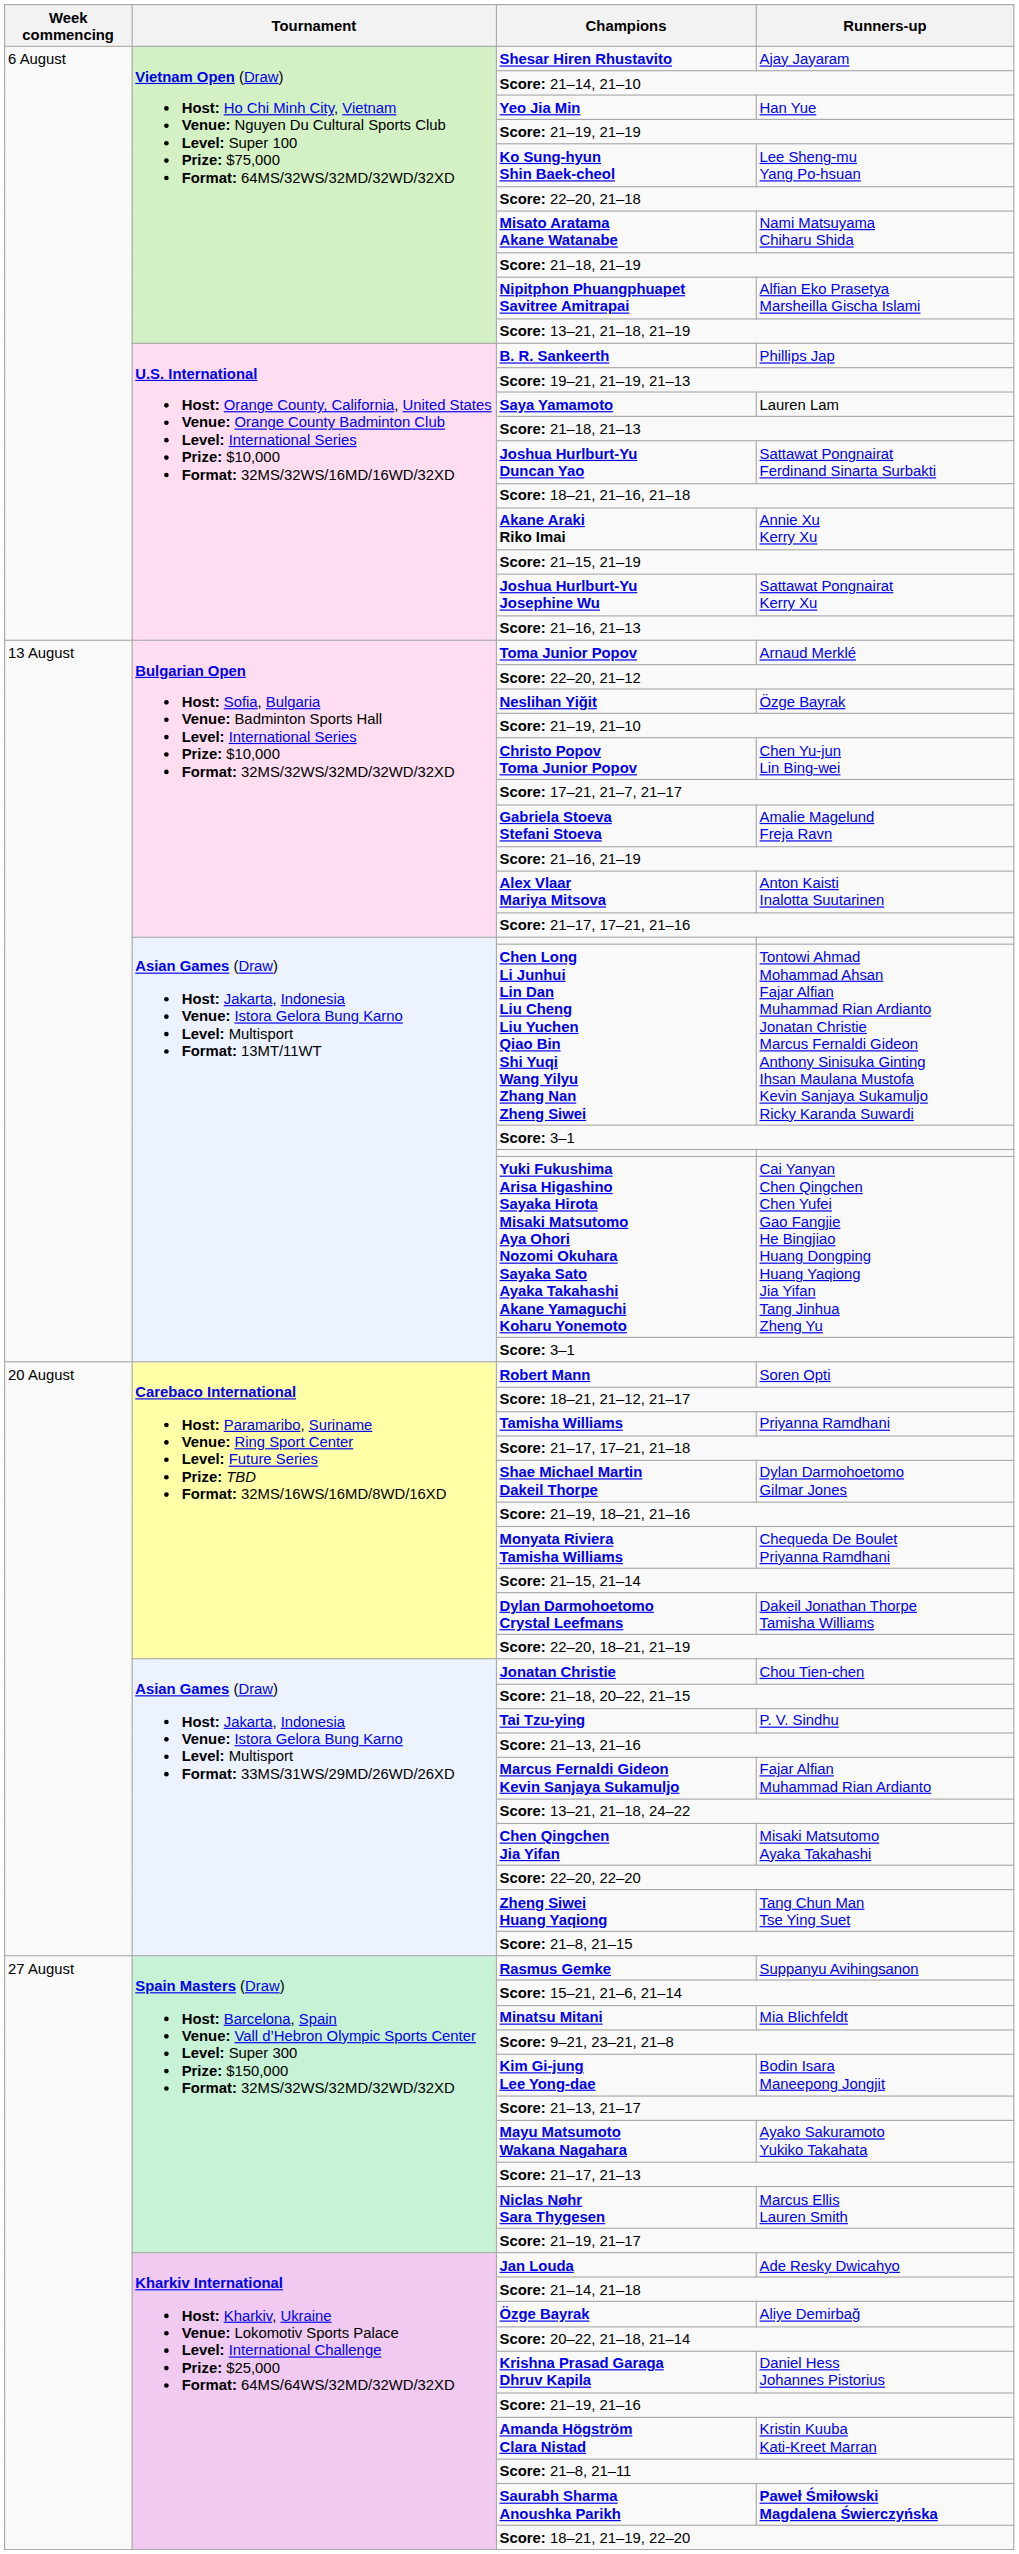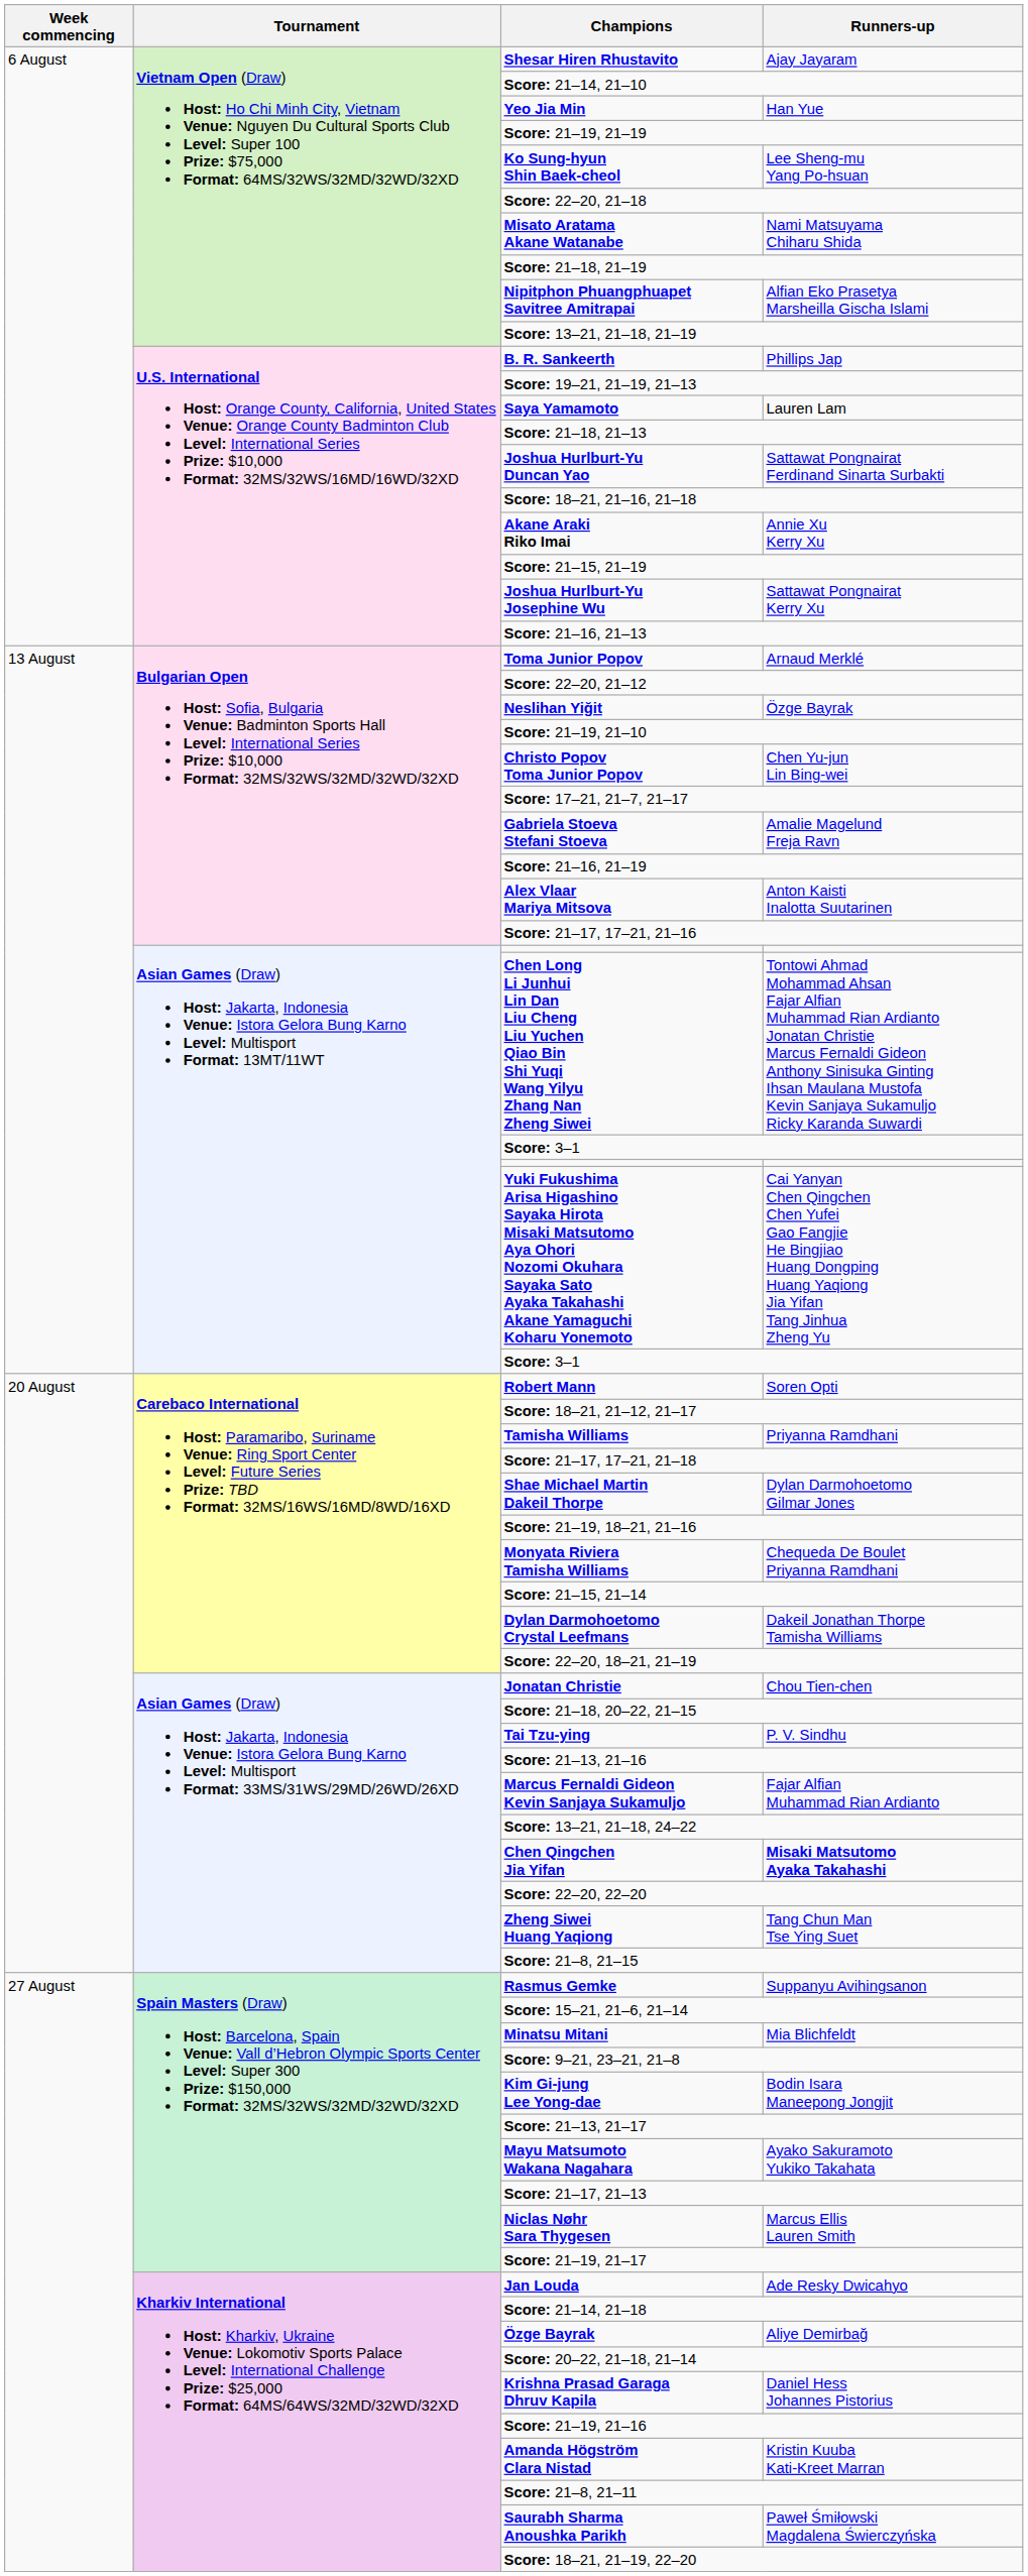 <table class=wikitable style=font-size:80%>
 <tr>
 <th width=110>Week commencing</th>
 <th width=330>Tournament</th>
 <th width=250>Champions</th>
 <th width=250>Runners-up</th>
 </tr>
 <tr valign=top>
 <td rowspan=20>6 August</td>
 <td style="background:#D4F1C5;" rowspan="10"><br><strong><a href='#'>Vietnam Open</a></strong> (<a href='#'>Draw</a>)<ul><li><strong>Host:</strong> <a href='#'>Ho Chi Minh City</a>, <a href='#'>Vietnam</a></li><li><strong>Venue:</strong> Nguyen Du Cultural Sports Club</li><li><strong>Level:</strong> Super 100</li><li><strong>Prize:</strong> $75,000</li><li><strong>Format:</strong> 64MS/32WS/32MD/32WD/32XD</li></ul></td>
 <td><strong> <a href='#'>Shesar Hiren Rhustavito</a></strong></td>
 <td> <a href='#'>Ajay Jayaram</a></td>
 </tr>
 <tr>
 <td colspan=2><strong>Score:</strong> 21–14, 21–10</td>
 </tr>
 <tr valign=top>
 <td><strong> <a href='#'>Yeo Jia Min</a></strong></td>
 <td> <a href='#'>Han Yue</a></td>
 </tr>
 <tr>
 <td colspan=2><strong>Score:</strong> 21–19, 21–19</td>
 </tr>
 <tr valign=top>
 <td><strong> <a href='#'>Ko Sung-hyun</a><br> <a href='#'>Shin Baek-cheol</a></strong></td>
 <td> <a href='#'>Lee Sheng-mu</a><br> <a href='#'>Yang Po-hsuan</a></td>
 </tr>
 <tr>
 <td colspan=2><strong>Score:</strong> 22–20, 21–18</td>
 </tr>
 <tr valign=top>
 <td><strong> <a href='#'>Misato Aratama</a><br> <a href='#'>Akane Watanabe</a></strong></td>
 <td> <a href='#'>Nami Matsuyama</a><br> <a href='#'>Chiharu Shida</a></td>
 </tr>
 <tr>
 <td colspan=2><strong>Score:</strong> 21–18, 21–19</td>
 </tr>
 <tr valign=top>
 <td><strong> <a href='#'>Nipitphon Phuangphuapet</a><br> <a href='#'>Savitree Amitrapai</a></strong></td>
 <td> <a href='#'>Alfian Eko Prasetya</a><br> <a href='#'>Marsheilla Gischa Islami</a></td>
 </tr>
 <tr>
 <td colspan=2><strong>Score:</strong> 13–21, 21–18, 21–19</td>
 </tr>
 <tr valign=top>
 <td style="background:#FFDDF1;" rowspan="10"><br><strong><a href='#'>U.S. International</a></strong><ul><li><strong>Host:</strong> <a href='#'>Orange County, California</a>, <a href='#'>United States</a></li><li><strong>Venue:</strong> <a href='#'>Orange County Badminton Club</a></li><li><strong>Level:</strong> <a href='#'>International Series</a></li><li><strong>Prize:</strong> $10,000</li><li><strong>Format:</strong> 32MS/32WS/16MD/16WD/32XD</li></ul></td>
 <td><strong> <a href='#'>B. R. Sankeerth</a></strong></td>
 <td> <a href='#'>Phillips Jap</a></td>
 </tr>
 <tr>
 <td colspan=2><strong>Score:</strong> 19–21, 21–19, 21–13</td>
 </tr>
 <tr valign=top>
 <td><strong> <a href='#'>Saya Yamamoto</a></strong></td>
 <td> Lauren Lam</td>
 </tr>
 <tr>
 <td colspan=2><strong>Score:</strong> 21–18, 21–13</td>
 </tr>
 <tr valign=top>
 <td><strong> <a href='#'>Joshua Hurlburt-Yu</a><br> <a href='#'>Duncan Yao</a></strong></td>
 <td> <a href='#'>Sattawat Pongnairat</a><br> <a href='#'>Ferdinand Sinarta Surbakti</a></td>
 </tr>
 <tr>
 <td colspan=2><strong>Score:</strong> 18–21, 21–16, 21–18</td>
 </tr>
 <tr valign=top>
 <td><strong> <a href='#'>Akane Araki</a><br> Riko Imai</strong></td>
 <td> <a href='#'>Annie Xu</a><br> <a href='#'>Kerry Xu</a></td>
 </tr>
 <tr>
 <td colspan=2><strong>Score:</strong> 21–15, 21–19</td>
 </tr>
 <tr valign=top>
 <td><strong> <a href='#'>Joshua Hurlburt-Yu</a><br> <a href='#'>Josephine Wu</a></strong></td>
 <td> <a href='#'>Sattawat Pongnairat</a><br> <a href='#'>Kerry Xu</a></td>
 </tr>
 <tr>
 <td colspan=2><strong>Score:</strong> 21–16, 21–13</td>
 </tr>
 <tr valign=top>
 <td rowspan=16>13 August</td>
 <td style="background:#FFDDF1;" rowspan="10"><br><strong><a href='#'>Bulgarian Open</a></strong><ul><li><strong>Host:</strong> <a href='#'>Sofia</a>, <a href='#'>Bulgaria</a></li><li><strong>Venue:</strong> Badminton Sports Hall</li><li><strong>Level:</strong> <a href='#'>International Series</a></li><li><strong>Prize:</strong> $10,000</li><li><strong>Format:</strong> 32MS/32WS/32MD/32WD/32XD</li></ul></td>
 <td><strong> <a href='#'>Toma Junior Popov</a></strong></td>
 <td> <a href='#'>Arnaud Merklé</a></td>
 </tr>
 <tr>
 <td colspan=2><strong>Score:</strong> 22–20, 21–12</td>
 </tr>
 <tr valign=top>
 <td><strong> <a href='#'>Neslihan Yiğit</a></strong></td>
 <td> <a href='#'>Özge Bayrak</a></td>
 </tr>
 <tr>
 <td colspan=2><strong>Score:</strong> 21–19, 21–10</td>
 </tr>
 <tr valign=top>
 <td><strong> <a href='#'>Christo Popov</a><br> <a href='#'>Toma Junior Popov</a></strong></td>
 <td> <a href='#'>Chen Yu-jun</a><br> <a href='#'>Lin Bing-wei</a></td>
 </tr>
 <tr>
 <td colspan=2><strong>Score:</strong> 17–21, 21–7, 21–17</td>
 </tr>
 <tr valign=top>
 <td><strong> <a href='#'>Gabriela Stoeva</a><br> <a href='#'>Stefani Stoeva</a></strong></td>
 <td> <a href='#'>Amalie Magelund</a><br> <a href='#'>Freja Ravn</a></td>
 </tr>
 <tr>
 <td colspan=2><strong>Score:</strong> 21–16, 21–19</td>
 </tr>
 <tr valign=top>
 <td><strong> <a href='#'>Alex Vlaar</a><br> <a href='#'>Mariya Mitsova</a></strong></td>
 <td> <a href='#'>Anton Kaisti</a><br> <a href='#'>Inalotta Suutarinen</a></td>
 </tr>
 <tr>
 <td colspan=2><strong>Score:</strong> 21–17, 17–21, 21–16</td>
 </tr>
 <tr valign=top>
 <td style="background:#ECF2FF;" rowspan="6"><br><strong><a href='#'>Asian Games</a></strong> (<a href='#'>Draw</a>)<ul><li><strong>Host:</strong> <a href='#'>Jakarta</a>, <a href='#'>Indonesia</a></li><li><strong>Venue:</strong> <a href='#'>Istora Gelora Bung Karno</a></li><li><strong>Level:</strong> Multisport</li><li><strong>Format:</strong> 13MT/11WT</li></ul></td>
 <td><strong></strong></td>
 <td></td>
 </tr>
 <tr>
 <td><strong><a href='#'>Chen Long</a><br><a href='#'>Li Junhui</a><br><a href='#'>Lin Dan</a><br><a href='#'>Liu Cheng</a><br><a href='#'>Liu Yuchen</a><br><a href='#'>Qiao Bin</a><br><a href='#'>Shi Yuqi</a><br><a href='#'>Wang Yilyu</a><br><a href='#'>Zhang Nan</a><br><a href='#'>Zheng Siwei</a></strong></td>
 <td><a href='#'>Tontowi Ahmad</a><br><a href='#'>Mohammad Ahsan</a><br><a href='#'>Fajar Alfian</a><br><a href='#'>Muhammad Rian Ardianto</a><br><a href='#'>Jonatan Christie</a><br><a href='#'>Marcus Fernaldi Gideon</a><br><a href='#'>Anthony Sinisuka Ginting</a><br><a href='#'>Ihsan Maulana Mustofa</a><br><a href='#'>Kevin Sanjaya Sukamuljo</a><br><a href='#'>Ricky Karanda Suwardi</a></td>
 </tr>
 <tr>
 <td colspan=2><strong>Score:</strong> 3–1</td>
 </tr>
 <tr>
 <td><strong></strong></td>
 <td></td>
 </tr>
 <tr>
 <td><strong><a href='#'>Yuki Fukushima</a><br><a href='#'>Arisa Higashino</a><br><a href='#'>Sayaka Hirota</a><br><a href='#'>Misaki Matsutomo</a><br><a href='#'>Aya Ohori</a><br><a href='#'>Nozomi Okuhara</a><br><a href='#'>Sayaka Sato</a><br><a href='#'>Ayaka Takahashi</a><br><a href='#'>Akane Yamaguchi</a><br><a href='#'>Koharu Yonemoto</a></strong></td>
 <td><a href='#'>Cai Yanyan</a><br><a href='#'>Chen Qingchen</a><br><a href='#'>Chen Yufei</a><br><a href='#'>Gao Fangjie</a><br><a href='#'>He Bingjiao</a><br><a href='#'>Huang Dongping</a><br><a href='#'>Huang Yaqiong</a><br><a href='#'>Jia Yifan</a><br><a href='#'>Tang Jinhua</a><br><a href='#'>Zheng Yu</a></td>
 </tr>
 <tr>
 <td colspan=2><strong>Score:</strong> 3–1</td>
 </tr>
 <tr valign=top>
 <td rowspan=20>20 August</td>
 <td style="background:#FFFFA8;" rowspan="10"><br><strong><a href='#'>Carebaco International</a></strong><ul><li><strong>Host:</strong> <a href='#'>Paramaribo</a>, <a href='#'>Suriname</a></li><li><strong>Venue:</strong> <a href='#'>Ring Sport Center</a></li><li><strong>Level:</strong> <a href='#'>Future Series</a></li><li><strong>Prize:</strong> <em>TBD</em></li><li><strong>Format:</strong> 32MS/16WS/16MD/8WD/16XD</li></ul></td>
 <td><strong> <a href='#'>Robert Mann</a></strong></td>
 <td> <a href='#'>Soren Opti</a></td>
 </tr>
 <tr>
 <td colspan=2><strong>Score:</strong> 18–21, 21–12, 21–17</td>
 </tr>
 <tr valign=top>
 <td><strong> <a href='#'>Tamisha Williams</a></strong></td>
 <td> <a href='#'>Priyanna Ramdhani</a></td>
 </tr>
 <tr>
 <td colspan=2><strong>Score:</strong> 21–17, 17–21, 21–18</td>
 </tr>
 <tr valign=top>
 <td><strong> <a href='#'>Shae Michael Martin</a><br>  <a href='#'>Dakeil Thorpe</a></strong></td>
 <td> <a href='#'>Dylan Darmohoetomo</a><br> <a href='#'>Gilmar Jones</a></td>
 </tr>
 <tr>
 <td colspan=2><strong>Score:</strong> 21–19, 18–21, 21–16</td>
 </tr>
 <tr valign=top>
 <td><strong> <a href='#'>Monyata Riviera</a><br> <a href='#'>Tamisha Williams</a></strong></td>
 <td> <a href='#'>Chequeda De Boulet</a><br> <a href='#'>Priyanna Ramdhani</a></td>
 </tr>
 <tr>
 <td colspan=2><strong>Score:</strong> 21–15, 21–14</td>
 </tr>
 <tr valign=top>
 <td><strong> <a href='#'>Dylan Darmohoetomo</a><br> <a href='#'>Crystal Leefmans</a></strong></td>
 <td> <a href='#'>Dakeil Jonathan Thorpe</a><br> <a href='#'>Tamisha Williams</a></td>
 </tr>
 <tr>
 <td colspan=2><strong>Score:</strong> 22–20, 18–21, 21–19</td>
 </tr>
 <tr valign=top>
 <td style="background:#ECF2FF;" rowspan="10"><br><strong><a href='#'>Asian Games</a></strong> (<a href='#'>Draw</a>)<ul><li><strong>Host:</strong> <a href='#'>Jakarta</a>, <a href='#'>Indonesia</a></li><li><strong>Venue:</strong> <a href='#'>Istora Gelora Bung Karno</a></li><li><strong>Level:</strong> Multisport</li><li><strong>Format:</strong> 33MS/31WS/29MD/26WD/26XD</li></ul></td>
 <td><strong> <a href='#'>Jonatan Christie</a></strong></td>
 <td> <a href='#'>Chou Tien-chen</a></td>
 </tr>
 <tr>
 <td colspan=2><strong>Score:</strong> 21–18, 20–22, 21–15</td>
 </tr>
 <tr valign=top>
 <td><strong> <a href='#'>Tai Tzu-ying</a></strong></td>
 <td> <a href='#'>P. V. Sindhu</a></td>
 </tr>
 <tr>
 <td colspan=2><strong>Score:</strong> 21–13, 21–16</td>
 </tr>
 <tr valign=top>
 <td><strong> <a href='#'>Marcus Fernaldi Gideon</a><br>  <a href='#'>Kevin Sanjaya Sukamuljo</a></strong></td>
 <td> <a href='#'>Fajar Alfian</a><br> <a href='#'>Muhammad Rian Ardianto</a></td>
 </tr>
 <tr>
 <td colspan=2><strong>Score:</strong> 13–21, 21–18, 24–22</td>
 </tr>
 <tr valign=top>
 <td><strong> <a href='#'>Chen Qingchen</a><br> <a href='#'>Jia Yifan</a></strong></td>
-<td> <a href='#'>Misaki Matsutomo</a><br> <a href='#'>Ayaka Takahashi</a></td>
+<td><strong> <a href='#'>Misaki Matsutomo</a><br> <a href='#'>Ayaka Takahashi</a></strong></td>
 </tr>
 <tr>
 <td colspan=2><strong>Score:</strong> 22–20, 22–20</td>
 </tr>
 <tr valign=top>
 <td><strong> <a href='#'>Zheng Siwei</a><br> <a href='#'>Huang Yaqiong</a></strong></td>
 <td> <a href='#'>Tang Chun Man</a><br> <a href='#'>Tse Ying Suet</a></td>
 </tr>
 <tr>
 <td colspan=2><strong>Score:</strong> 21–8, 21–15</td>
 </tr>
 <tr valign=top>
 <td rowspan=20>27 August</td>
 <td style="background:#C7F2D5;" rowspan="10"><br><strong><a href='#'>Spain Masters</a></strong> (<a href='#'>Draw</a>)<ul><li><strong>Host:</strong> <a href='#'>Barcelona</a>, <a href='#'>Spain</a></li><li><strong>Venue:</strong> <a href='#'>Vall d’Hebron Olympic Sports Center</a></li><li><strong>Level:</strong> Super 300</li><li><strong>Prize:</strong> $150,000</li><li><strong>Format:</strong> 32MS/32WS/32MD/32WD/32XD</li></ul></td>
 <td><strong> <a href='#'>Rasmus Gemke</a></strong></td>
 <td> <a href='#'>Suppanyu Avihingsanon</a></td>
 </tr>
 <tr>
 <td colspan=2><strong>Score:</strong> 15–21, 21–6, 21–14</td>
 </tr>
 <tr valign=top>
 <td><strong> <a href='#'>Minatsu Mitani</a></strong></td>
 <td> <a href='#'>Mia Blichfeldt</a></td>
 </tr>
 <tr>
 <td colspan=2><strong>Score:</strong> 9–21, 23–21, 21–8</td>
 </tr>
 <tr valign=top>
 <td><strong> <a href='#'>Kim Gi-jung</a><br> <a href='#'>Lee Yong-dae</a></strong></td>
 <td> <a href='#'>Bodin Isara</a><br> <a href='#'>Maneepong Jongjit</a></td>
 </tr>
 <tr>
 <td colspan=2><strong>Score:</strong> 21–13, 21–17</td>
 </tr>
 <tr valign=top>
 <td><strong> <a href='#'>Mayu Matsumoto</a><br> <a href='#'>Wakana Nagahara</a></strong></td>
 <td> <a href='#'>Ayako Sakuramoto</a><br> <a href='#'>Yukiko Takahata</a></td>
 </tr>
 <tr>
 <td colspan=2><strong>Score:</strong> 21–17, 21–13</td>
 </tr>
 <tr valign=top>
 <td><strong> <a href='#'>Niclas Nøhr</a><br> <a href='#'>Sara Thygesen</a></strong></td>
 <td> <a href='#'>Marcus Ellis</a><br> <a href='#'>Lauren Smith</a></td>
 </tr>
 <tr>
 <td colspan=2><strong>Score:</strong> 21–19, 21–17</td>
 </tr>
 <tr valign=top>
 <td style="background:#F0CAF0;" rowspan="10"><br><strong><a href='#'>Kharkiv International</a></strong><ul><li><strong>Host:</strong> <a href='#'>Kharkiv</a>, <a href='#'>Ukraine</a></li><li><strong>Venue:</strong> Lokomotiv Sports Palace</li><li><strong>Level:</strong> <a href='#'>International Challenge</a></li><li><strong>Prize:</strong> $25,000</li><li><strong>Format:</strong> 64MS/64WS/32MD/32WD/32XD</li></ul></td>
 <td><strong> <a href='#'>Jan Louda</a></strong></td>
 <td> <a href='#'>Ade Resky Dwicahyo</a></td>
 </tr>
 <tr>
 <td colspan=2><strong>Score:</strong> 21–14, 21–18</td>
 </tr>
 <tr valign=top>
 <td><strong> <a href='#'>Özge Bayrak</a></strong></td>
 <td> <a href='#'>Aliye Demirbağ</a></td>
 </tr>
 <tr>
 <td colspan=2><strong>Score:</strong> 20–22, 21–18, 21–14</td>
 </tr>
 <tr valign=top>
 <td><strong> <a href='#'>Krishna Prasad Garaga</a><br> <a href='#'>Dhruv Kapila</a></strong></td>
 <td> <a href='#'>Daniel Hess</a><br> <a href='#'>Johannes Pistorius</a></td>
 </tr>
 <tr>
 <td colspan=2><strong>Score:</strong> 21–19, 21–16</td>
 </tr>
 <tr valign=top>
 <td><strong> <a href='#'>Amanda Högström</a><br> <a href='#'>Clara Nistad</a></strong></td>
 <td> <a href='#'>Kristin Kuuba</a><br> <a href='#'>Kati-Kreet Marran</a></td>
 </tr>
 <tr>
 <td colspan=2><strong>Score:</strong> 21–8, 21–11</td>
 </tr>
 <tr valign=top>
 <td><strong> <a href='#'>Saurabh Sharma</a><br> <a href='#'>Anoushka Parikh</a></strong></td>
-<td><strong> <a href='#'>Paweł Śmiłowski</a><br> <a href='#'>Magdalena Świerczyńska</a></strong></td>
+<td> <a href='#'>Paweł Śmiłowski</a><br> <a href='#'>Magdalena Świerczyńska</a></td>
 </tr>
 <tr>
 <td colspan=2><strong>Score:</strong> 18–21, 21–19, 22–20</td>
 </tr>
 </table>
